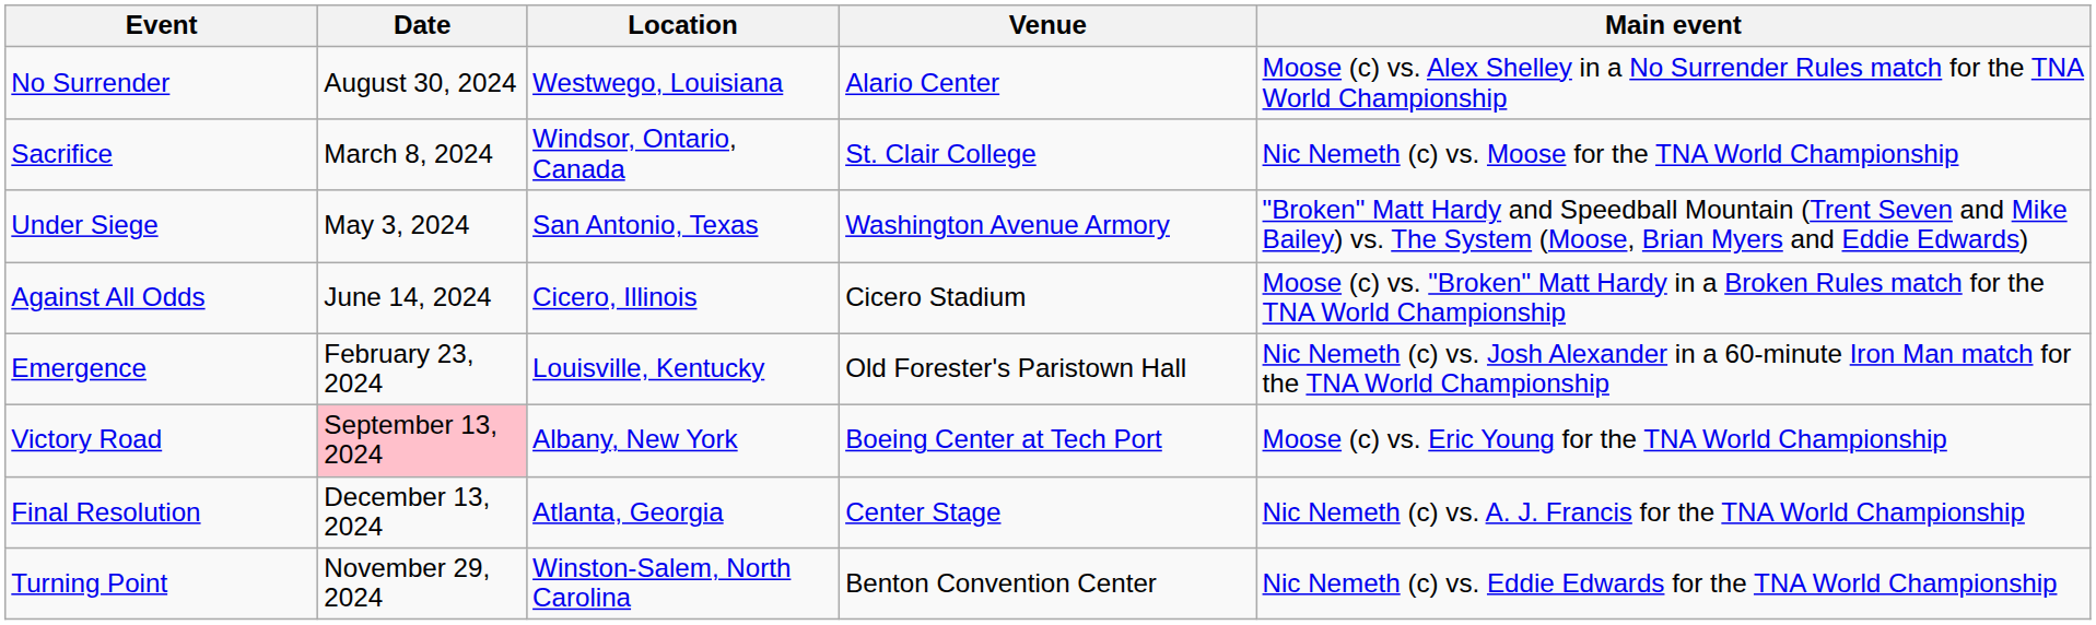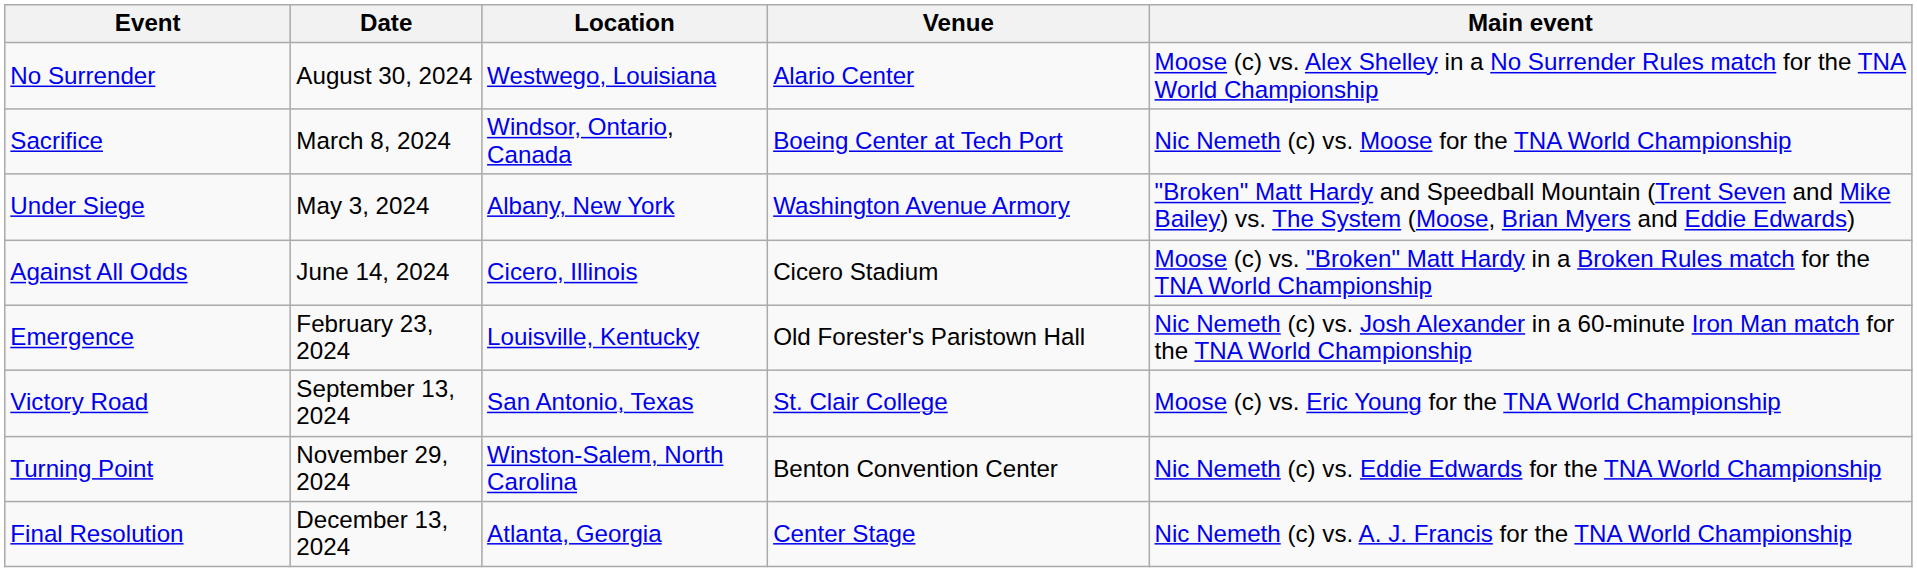 <table class="wikitable sortable" width="100%" style="align: center">
 <tr>
 <th width="15%">Event</th>
 <th width="10%">Date</th>
 <th width="15%">Location</th>
 <th width="20%">Venue</th>
 <th width="40%">Main event</th>
 </tr>
 <tr>
 <td><a href='#'>No Surrender</a></td>
 <td>August 30, 2024</td>
 <td><a href='#'>Westwego, Louisiana</a></td>
 <td><a href='#'>Alario Center</a></td>
 <td><a href='#'>Moose</a> (c) vs. <a href='#'>Alex Shelley</a> in a <a href='#'>No Surrender Rules match</a> for the <a href='#'>TNA World Championship</a></td>
 </tr>
 <tr>
 <td><a href='#'>Sacrifice</a></td>
 <td>March 8, 2024</td>
 <td><a href='#'>Windsor, Ontario</a>, <a href='#'>Canada</a></td>
-<td><a href='#'>St. Clair College</a></td>
+<td><a href='#'>Boeing Center at Tech Port</a></td>
 <td><a href='#'>Nic Nemeth</a> (c) vs. <a href='#'>Moose</a> for the <a href='#'>TNA World Championship</a></td>
 </tr>
 <tr>
 <td><a href='#'>Under Siege</a></td>
 <td>May 3, 2024</td>
-<td><a href='#'>San Antonio, Texas</a></td>
+<td><a href='#'>Albany, New York</a></td>
 <td><a href='#'>Washington Avenue Armory</a></td>
 <td><a href='#'>"Broken" Matt Hardy</a> and Speedball Mountain (<a href='#'>Trent Seven</a> and <a href='#'>Mike Bailey</a>) vs. <a href='#'>The System</a> (<a href='#'>Moose</a>, <a href='#'>Brian Myers</a> and <a href='#'>Eddie Edwards</a>)</td>
 </tr>
 <tr>
 <td><a href='#'>Against All Odds</a></td>
 <td>June 14, 2024</td>
 <td><a href='#'>Cicero, Illinois</a></td>
 <td>Cicero Stadium</td>
 <td><a href='#'>Moose</a> (c) vs. <a href='#'>"Broken" Matt Hardy</a> in a <a href='#'>Broken Rules match</a> for the <a href='#'>TNA World Championship</a></td>
 </tr>
 <tr>
 <td><a href='#'>Emergence</a></td>
 <td>February 23, 2024</td>
 <td><a href='#'>Louisville, Kentucky</a></td>
 <td>Old Forester's Paristown Hall</td>
 <td><a href='#'>Nic Nemeth</a> (c) vs. <a href='#'>Josh Alexander</a> in a 60-minute <a href='#'>Iron Man match</a> for the <a href='#'>TNA World Championship</a></td>
 </tr>
 <tr>
 <td><a href='#'>Victory Road</a></td>
-<td style="background: pink;">September 13, 2024</td>
-<td><a href='#'>Albany, New York</a></td>
-<td><a href='#'>Boeing Center at Tech Port</a></td>
+<td>September 13, 2024</td>
+<td><a href='#'>San Antonio, Texas</a></td>
+<td><a href='#'>St. Clair College</a></td>
 <td><a href='#'>Moose</a> (c) vs. <a href='#'>Eric Young</a> for the <a href='#'>TNA World Championship</a></td>
+</tr>
+<tr>
+<td><a href='#'>Turning Point</a></td>
+<td>November 29, 2024</td>
+<td><a href='#'>Winston-Salem, North Carolina</a></td>
+<td>Benton Convention Center</td>
+<td><a href='#'>Nic Nemeth</a> (c) vs. <a href='#'>Eddie Edwards</a> for the <a href='#'>TNA World Championship</a></td>
 </tr>
 <tr>
 <td><a href='#'>Final Resolution</a></td>
 <td>December 13, 2024</td>
 <td><a href='#'>Atlanta, Georgia</a></td>
 <td><a href='#'>Center Stage</a></td>
 <td><a href='#'>Nic Nemeth</a> (c) vs. <a href='#'>A. J. Francis</a> for the <a href='#'>TNA World Championship</a></td>
 </tr>
-<tr>
-<td><a href='#'>Turning Point</a></td>
-<td>November 29, 2024</td>
-<td><a href='#'>Winston-Salem, North Carolina</a></td>
-<td>Benton Convention Center</td>
-<td><a href='#'>Nic Nemeth</a> (c) vs. <a href='#'>Eddie Edwards</a> for the <a href='#'>TNA World Championship</a></td>
-</tr>
 </table>
